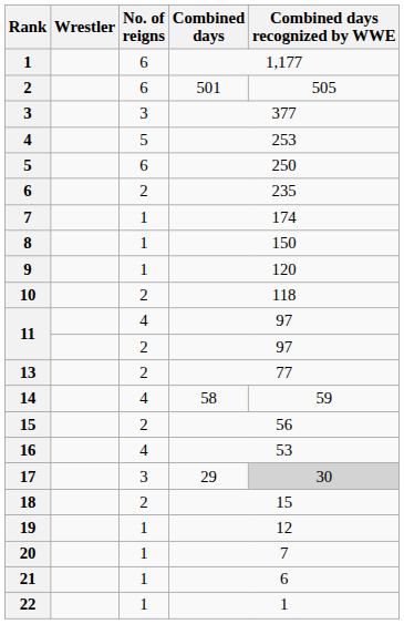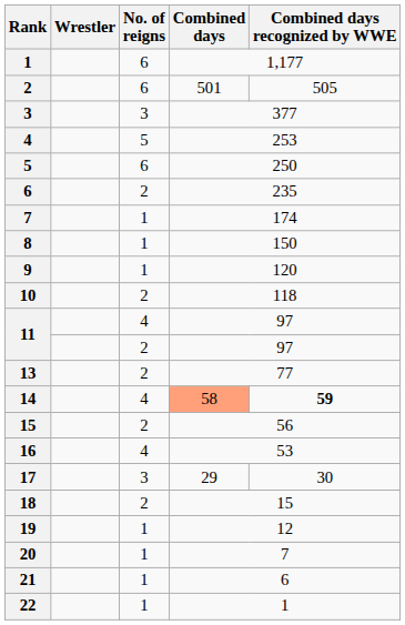 <table class="wikitable sortable" style="text-align: center">
 <tr>
 <th>Rank</th>
 <th>Wrestler</th>
 <th>No. of<br>reigns</th>
 <th>Combined<br>days</th>
 <th>Combined days<br>recognized by WWE</th>
 </tr>
 <tr>
 <th>1</th>
 <td></td>
 <td>6</td>
 <td colspan=2>1,177</td>
 </tr>
 <tr>
 <th>2</th>
 <td></td>
 <td>6</td>
 <td>501</td>
 <td>505</td>
 </tr>
 <tr>
 <th>3</th>
 <td></td>
 <td>3</td>
 <td colspan=2>377</td>
 </tr>
 <tr>
 <th>4</th>
 <td></td>
 <td>5</td>
 <td colspan=2>253</td>
 </tr>
 <tr>
 <th>5</th>
 <td></td>
 <td>6</td>
 <td colspan=2>250</td>
 </tr>
 <tr>
 <th>6</th>
 <td></td>
 <td>2</td>
 <td colspan=2>235</td>
 </tr>
 <tr>
 <th>7</th>
 <td></td>
 <td>1</td>
 <td colspan=2>174</td>
 </tr>
 <tr>
 <th>8</th>
 <td></td>
 <td>1</td>
 <td colspan=2>150</td>
 </tr>
 <tr>
 <th>9</th>
 <td></td>
 <td>1</td>
 <td colspan=2>120</td>
 </tr>
 <tr>
 <th>10</th>
 <td></td>
 <td>2</td>
 <td colspan=2>118</td>
 </tr>
 <tr>
 <th rowspan=2>11</th>
 <td></td>
 <td>4</td>
 <td colspan=2>97</td>
 </tr>
 <tr>
 <td></td>
 <td>2</td>
 <td colspan=2>97</td>
 </tr>
 <tr>
 <th>13</th>
 <td></td>
 <td>2</td>
 <td colspan=2>77</td>
 </tr>
 <tr>
 <th>14</th>
 <td></td>
 <td>4</td>
-<td>58</td>
-<td>59</td>
+<td style="background: lightsalmon;">58</td>
+<td><strong>59</strong></td>
 </tr>
 <tr>
 <th>15</th>
 <td></td>
 <td>2</td>
 <td colspan="2">56</td>
 </tr>
 <tr>
 <th>16</th>
 <td></td>
 <td>4</td>
 <td colspan="2">53</td>
 </tr>
 <tr>
 <th>17</th>
 <td></td>
 <td>3</td>
 <td>29</td>
-<td style="background: lightgrey;">30</td>
+<td>30</td>
 </tr>
 <tr>
 <th>18</th>
 <td></td>
 <td>2</td>
 <td colspan="2">15</td>
 </tr>
 <tr>
 <th>19</th>
 <td></td>
 <td>1</td>
 <td colspan="2">12</td>
 </tr>
 <tr>
 <th>20</th>
 <td></td>
 <td>1</td>
 <td colspan="2">7</td>
 </tr>
 <tr>
 <th>21</th>
 <td></td>
 <td>1</td>
 <td colspan="2">6</td>
 </tr>
 <tr>
 <th>22</th>
 <td></td>
 <td>1</td>
 <td colspan="2">1</td>
 </tr>
 </table>
